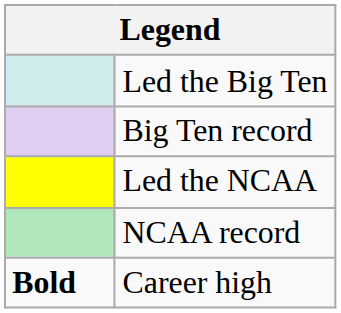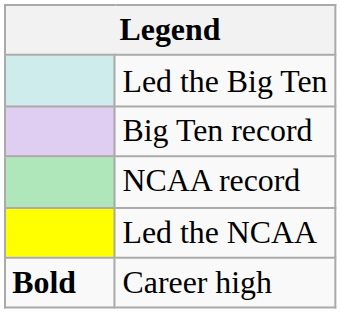 <table class="wikitable">
 <tr>
 <th colspan="2">Legend</th>
 </tr>
 <tr>
 <td style="background:#cfecec; width:3em;"></td>
 <td>Led the Big Ten</td>
 </tr>
 <tr>
 <td style="background:#E0CEF2; width:3em"></td>
 <td>Big Ten record</td>
 </tr>
 <tr>
+<td style="background:#afe6ba; width:3em;"></td>
+<td>NCAA record</td>
+</tr>
+<tr>
 <td style="background:#ff0; width:3em;"></td>
 <td>Led the NCAA</td>
-</tr>
-<tr>
-<td style="background:#afe6ba; width:3em;"></td>
-<td>NCAA record</td>
 </tr>
 <tr>
 <td><strong>Bold</strong></td>
 <td>Career high</td>
 </tr>
 </table>
